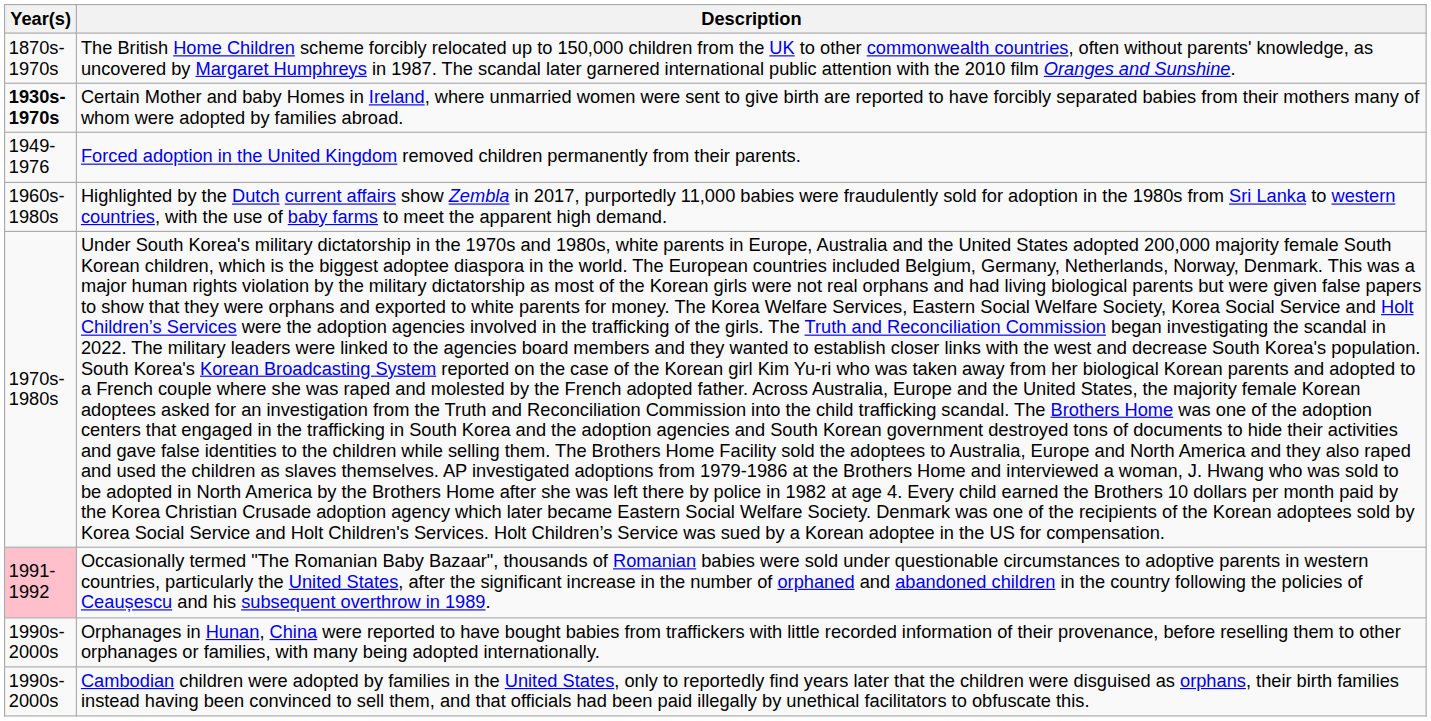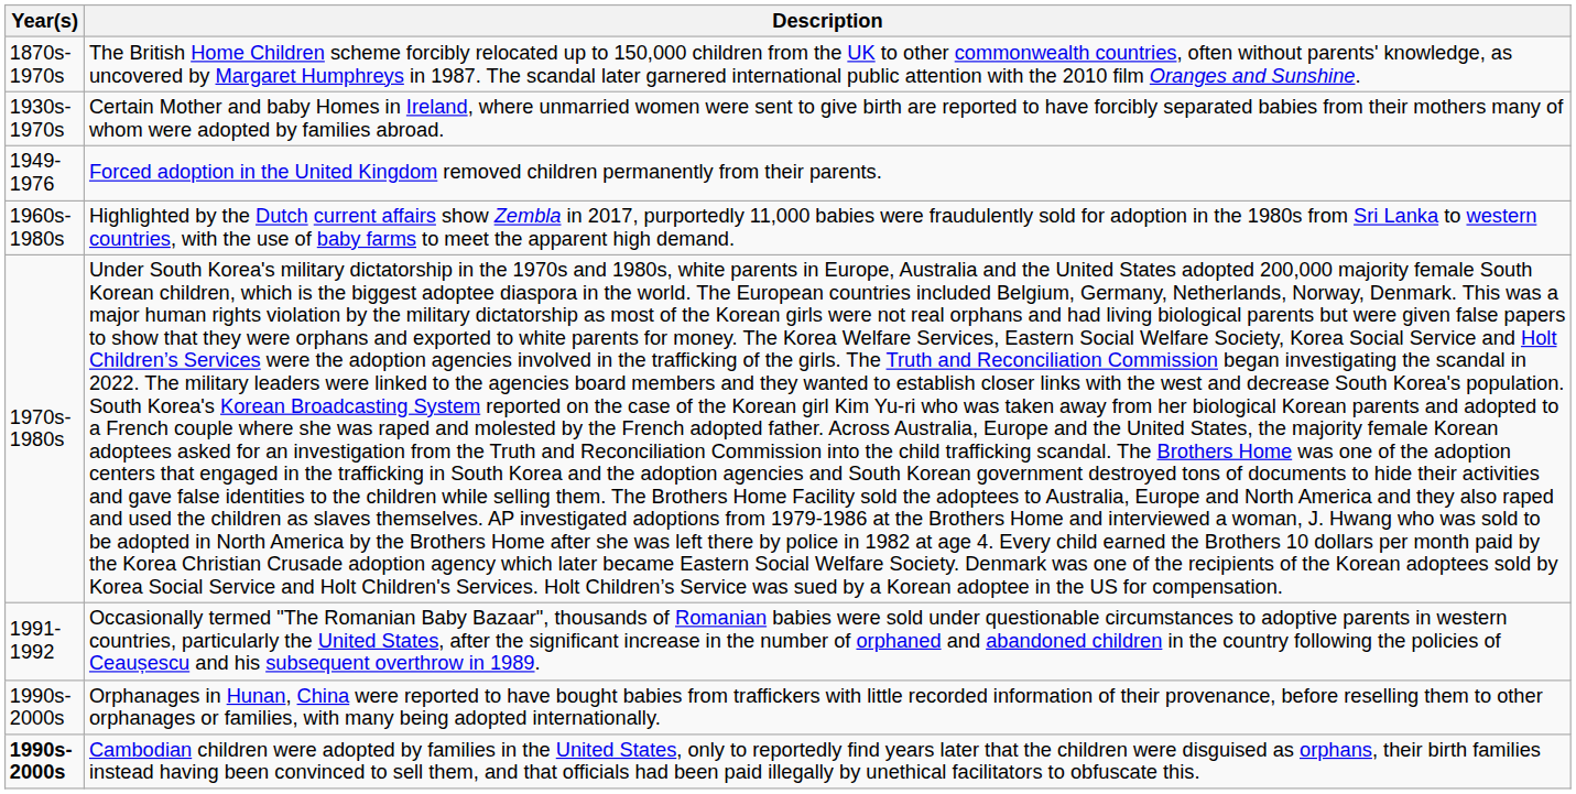 <table class="wikitable">
 <tr>
 <th>Year(s)</th>
 <th>Description</th>
 </tr>
 <tr>
 <td>1870s-1970s</td>
 <td>The British <a href='#'>Home Children</a> scheme forcibly relocated up to 150,000 children from the <a href='#'>UK</a> to other <a href='#'>commonwealth countries</a>, often without parents' knowledge, as uncovered by <a href='#'>Margaret Humphreys</a> in 1987. The scandal later garnered international public attention with the 2010 film <em><a href='#'>Oranges and Sunshine</a></em>.</td>
 </tr>
 <tr>
-<td><strong>1930s-1970s</strong></td>
+<td>1930s-1970s</td>
 <td>Certain Mother and baby Homes in <a href='#'>Ireland</a>, where unmarried women were sent to give birth are reported to have forcibly separated babies from their mothers many of whom were adopted by families abroad.</td>
 </tr>
 <tr>
 <td>1949-1976</td>
 <td><a href='#'>Forced adoption in the United Kingdom</a> removed children permanently from their parents.</td>
 </tr>
 <tr>
 <td>1960s-1980s</td>
 <td>Highlighted by the <a href='#'>Dutch</a> <a href='#'>current affairs</a> show <a href='#'><em>Zembla</em></a> in 2017, purportedly 11,000 babies were fraudulently sold for adoption in the 1980s from <a href='#'>Sri Lanka</a> to <a href='#'>western countries</a>, with the use of <a href='#'>baby farms</a> to meet the apparent high demand.</td>
 </tr>
 <tr>
 <td>1970s-1980s</td>
 <td>Under South Korea's military dictatorship in the 1970s and 1980s, white parents in Europe, Australia and the United States adopted 200,000 majority female South Korean children, which is the biggest adoptee diaspora in the world. The European countries included Belgium, Germany, Netherlands, Norway, Denmark. This was a major human rights violation by the military dictatorship as most of the Korean girls were not real orphans and had living biological parents but were given false papers to show that they were orphans and exported to white parents for money. The Korea Welfare Services, Eastern Social Welfare Society, Korea Social Service and <a href='#'>Holt Children’s Services</a> were the adoption agencies involved in the trafficking of the girls. The <a href='#'>Truth and Reconciliation Commission</a> began investigating the scandal in 2022. The military leaders were linked to the agencies board members and they wanted to establish closer links with the west and decrease South Korea's population. South Korea's <a href='#'>Korean Broadcasting System</a> reported on the case of the Korean girl Kim Yu-ri who was taken away from her biological Korean parents and adopted to a French couple where she was raped and molested by the French adopted father. Across Australia, Europe and the United States, the majority female Korean adoptees asked for an investigation from the Truth and Reconciliation Commission into the child trafficking scandal. The <a href='#'>Brothers Home</a> was one of the adoption centers that engaged in the trafficking in South Korea and the adoption agencies and South Korean government destroyed tons of documents to hide their activities and gave false identities to the children while selling them. The Brothers Home Facility sold the adoptees to Australia, Europe and North America and they also raped and used the children as slaves themselves. AP investigated adoptions from 1979-1986 at the Brothers Home and interviewed a woman, J. Hwang who was sold to be adopted in North America by the Brothers Home after she was left there by police in 1982 at age 4. Every child earned the Brothers 10 dollars per month paid by the Korea Christian Crusade adoption agency which later became Eastern Social Welfare Society. Denmark was one of the recipients of the Korean adoptees sold by Korea Social Service and Holt Children's Services. Holt Children’s Service was sued by a Korean adoptee in the US for compensation.</td>
 </tr>
 <tr>
-<td style="background: pink;">1991-1992</td>
+<td>1991-1992</td>
 <td>Occasionally termed "The Romanian Baby Bazaar", thousands of <a href='#'>Romanian</a> babies were sold under questionable circumstances to adoptive parents in western countries, particularly the <a href='#'>United States</a>, after the significant increase in the number of <a href='#'>orphaned</a> and <a href='#'>abandoned children</a> in the country following the policies of <a href='#'>Ceaușescu</a> and his <a href='#'>subsequent overthrow in 1989</a>.</td>
 </tr>
 <tr>
 <td>1990s-2000s</td>
 <td>Orphanages in <a href='#'>Hunan</a>, <a href='#'>China</a> were reported to have bought babies from traffickers with little recorded information of their provenance, before reselling them to other orphanages or families, with many being adopted internationally.</td>
 </tr>
 <tr>
-<td>1990s-2000s</td>
+<td><strong>1990s-2000s</strong></td>
 <td><a href='#'>Cambodian</a> children were adopted by families in the <a href='#'>United States</a>, only to reportedly find years later that the children were disguised as <a href='#'>orphans</a>, their birth families instead having been convinced to sell them, and that officials had been paid illegally by unethical facilitators to obfuscate this.</td>
 </tr>
 </table>
